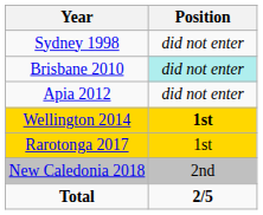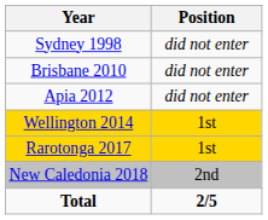 <table class="wikitable" style="text-align: center;">
 <tr>
 <th>Year</th>
 <th width="100">Position</th>
 </tr>
 <tr>
 <td><a href='#'>Sydney 1998</a></td>
 <td><em>did not enter</em></td>
 </tr>
 <tr>
 <td><a href='#'>Brisbane 2010</a></td>
-<td style="background: paleturquoise;"><em>did not enter</em></td>
+<td><em>did not enter</em></td>
 </tr>
 <tr>
 <td><a href='#'>Apia 2012</a></td>
 <td><em>did not enter</em></td>
 </tr>
 <tr bgcolor=gold>
 <td><a href='#'>Wellington 2014</a></td>
-<td><strong>1st</strong></td>
+<td>1st</td>
 </tr>
 <tr bgcolor=gold>
 <td><a href='#'>Rarotonga 2017</a></td>
 <td>1st</td>
 </tr>
 <tr bgcolor=silver>
 <td><a href='#'>New Caledonia 2018</a></td>
 <td>2nd</td>
 </tr>
 <tr>
 <td><strong>Total</strong></td>
 <td><strong>2/5</strong></td>
 </tr>
 </table>
